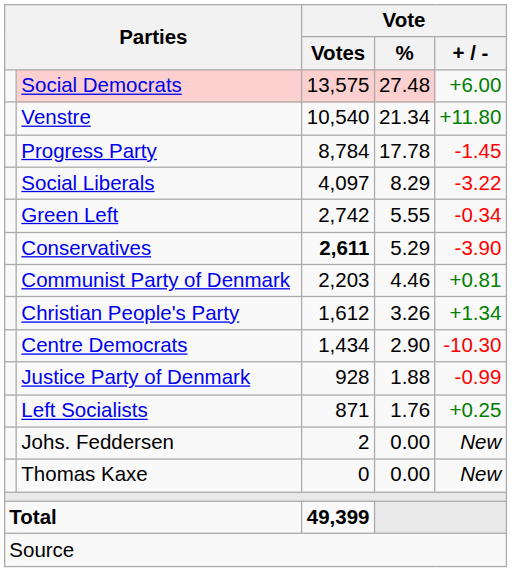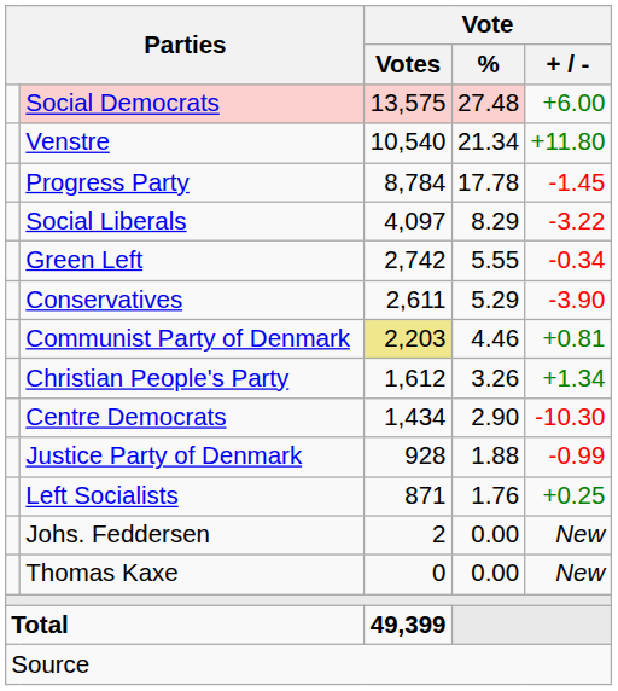 <table class="wikitable" style="text-align:right;">
 <tr>
 <th style="text-align:centre;" rowspan="2" colspan="2" width="225">Parties</th>
 <th colspan="3">Vote</th>
 </tr>
 <tr>
 <th width="15">Votes</th>
 <th width="15">%</th>
 <th width="15">+ / -</th>
 </tr>
 <tr>
 <td width="2" style="color:inherit;background:"></td>
 <td bgcolor=#fbd0ce  align="left"><a href='#'>Social Democrats</a></td>
 <td bgcolor=#fbd0ce>13,575</td>
 <td bgcolor=#fbd0ce>27.48</td>
 <td style=color:green;>+6.00</td>
 </tr>
 <tr>
 <td width="2" style="color:inherit;background:"></td>
 <td align="left"><a href='#'>Venstre</a></td>
 <td>10,540</td>
 <td>21.34</td>
 <td style=color:green;>+11.80</td>
 </tr>
 <tr>
 <td width="2" style="color:inherit;background:"></td>
 <td align="left"><a href='#'>Progress Party</a></td>
 <td>8,784</td>
 <td>17.78</td>
 <td style=color:red;>-1.45</td>
 </tr>
 <tr>
 <td width="2" style="color:inherit;background:"></td>
 <td align="left"><a href='#'>Social Liberals</a></td>
 <td>4,097</td>
 <td>8.29</td>
 <td style=color:red;>-3.22</td>
 </tr>
 <tr>
 <td width="2" style="color:inherit;background:"></td>
 <td align="left"><a href='#'>Green Left</a></td>
 <td>2,742</td>
 <td>5.55</td>
 <td style=color:red;>-0.34</td>
 </tr>
 <tr>
 <td width="2" style="color:inherit;background:"></td>
 <td align="left"><a href='#'>Conservatives</a></td>
-<td><strong>2,611</strong></td>
+<td>2,611</td>
 <td>5.29</td>
 <td style=color:red;>-3.90</td>
 </tr>
 <tr>
 <td width="2" style="color:inherit;background:"></td>
 <td align="left"><a href='#'>Communist Party of Denmark</a></td>
-<td>2,203</td>
+<td style="background: khaki;">2,203</td>
 <td>4.46</td>
 <td style=color:green;>+0.81</td>
 </tr>
 <tr>
 <td width="2" style="color:inherit;background:"></td>
 <td align="left"><a href='#'>Christian People's Party</a></td>
 <td>1,612</td>
 <td>3.26</td>
 <td style=color:green;>+1.34</td>
 </tr>
 <tr>
 <td width="2" style="color:inherit;background:"></td>
 <td align="left"><a href='#'>Centre Democrats</a></td>
 <td>1,434</td>
 <td>2.90</td>
 <td style=color:red;>-10.30</td>
 </tr>
 <tr>
 <td width="2" style="color:inherit;background:"></td>
 <td align="left"><a href='#'>Justice Party of Denmark</a></td>
 <td>928</td>
 <td>1.88</td>
 <td style=color:red;>-0.99</td>
 </tr>
 <tr>
 <td width="2" style="color:inherit;background:"></td>
 <td align="left"><a href='#'>Left Socialists</a></td>
 <td>871</td>
 <td>1.76</td>
 <td style=color:green;>+0.25</td>
 </tr>
 <tr>
 <td width="2" style="color:inherit;background:"></td>
 <td align="left">Johs. Feddersen</td>
 <td>2</td>
 <td>0.00</td>
 <td><em>New</em></td>
 </tr>
 <tr>
 <td width="2" style="color:inherit;background:"></td>
 <td align="left">Thomas Kaxe</td>
 <td>0</td>
 <td>0.00</td>
 <td><em>New</em></td>
 </tr>
 <tr>
 <td colspan="7" bgcolor="#E9E9E9"></td>
 </tr>
 <tr>
 <td align="left" colspan="2"><strong>Total</strong></td>
 <td><strong>49,399</strong></td>
 <td bgcolor="#E9E9E9" colspan="2"></td>
 </tr>
 <tr>
 <td align="left" colspan="6">Source</td>
 </tr>
 </table>
